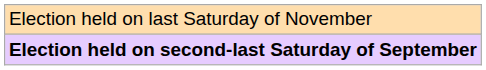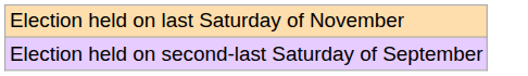 <table class="wikitable">
 <tr>
 <td style="background:#ffdead;">Election held on last Saturday of November</td>
 </tr>
 <tr>
-<td style="background:#E6CCFF;"><strong>Election held on second-last Saturday of September</strong></td>
+<td style="background:#E6CCFF;">Election held on second-last Saturday of September</td>
 </tr>
 </table>
